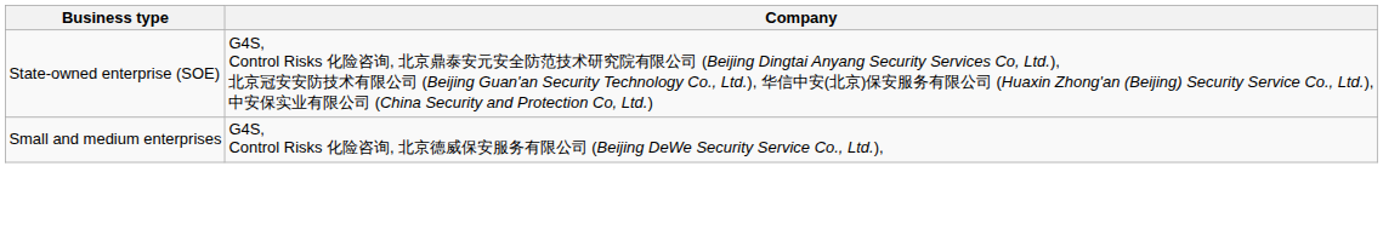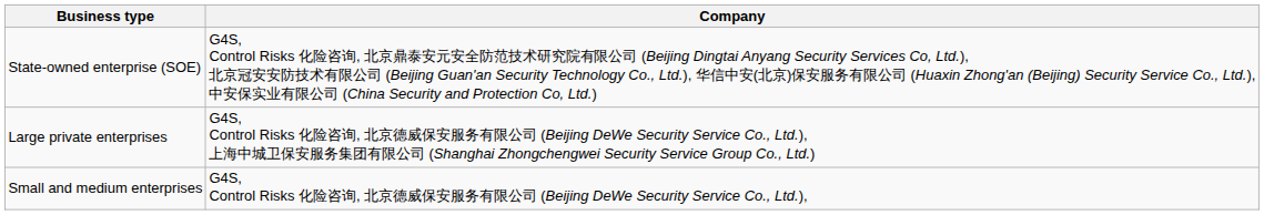 <table class="wikitable">
 <tr>
 <th>Business type</th>
 <th>Company</th>
 </tr>
 <tr>
 <td>State-owned enterprise (SOE)</td>
 <td>G4S,<br>Control Risks 化险咨询,  北京鼎泰安元安全防范技术研究院有限公司 (<em>Beijing Dingtai Anyang Security Services Co, Ltd.</em>),<br>北京冠安安防技术有限公司 (<em>Beijing Guan'an Security Technology Co., Ltd.</em>),  华信中安(北京)保安服务有限公司 (<em>Huaxin Zhong'an (Beijing) Security Service Co., Ltd.</em>),<br>中安保实业有限公司 (<em>China Security and Protection Co, Ltd.</em>)</td>
 </tr>
 <tr>
+<td>Large private enterprises</td>
+<td>G4S,<br>Control Risks 化险咨询,  北京德威保安服务有限公司 (<em>Beijing DeWe Security Service Co., Ltd.</em>),<br>上海中城卫保安服务集团有限公司 (<em>Shanghai Zhongchengwei Security Service Group Co., Ltd.</em>)</td>
+</tr>
+<tr>
 <td>Small and medium enterprises</td>
 <td>G4S,<br>Control Risks 化险咨询,  北京德威保安服务有限公司 (<em>Beijing DeWe Security Service Co., Ltd.</em>),</td>
 </tr>
 </table>
